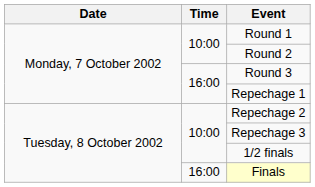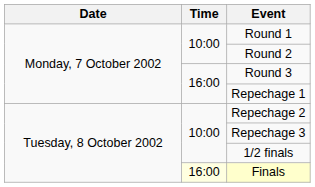 <table class = "wikitable" style="text-align:center;">
 <tr>
 <th width=220>Date</th>
 <th width=50>Time</th>
 <th width=100>Event</th>
 </tr>
 <tr>
 <td rowspan=4>Monday, 7 October 2002</td>
 <td rowspan=2>10:00</td>
 <td>Round 1</td>
 </tr>
 <tr>
 <td>Round 2</td>
 </tr>
 <tr>
 <td rowspan=2>16:00</td>
 <td>Round 3</td>
 </tr>
 <tr>
 <td>Repechage 1</td>
 </tr>
 <tr>
 <td rowspan=4>Tuesday, 8 October 2002</td>
 <td rowspan=3>10:00</td>
 <td>Repechage 2</td>
 </tr>
 <tr>
 <td>Repechage 3</td>
 </tr>
 <tr>
 <td>1/2 finals</td>
 </tr>
 <tr>
-<td>16:00</td>
+<td style="background: lightyellow;">16:00</td>
 <td bgcolor=ffffcc>Finals</td>
 </tr>
 </table>
